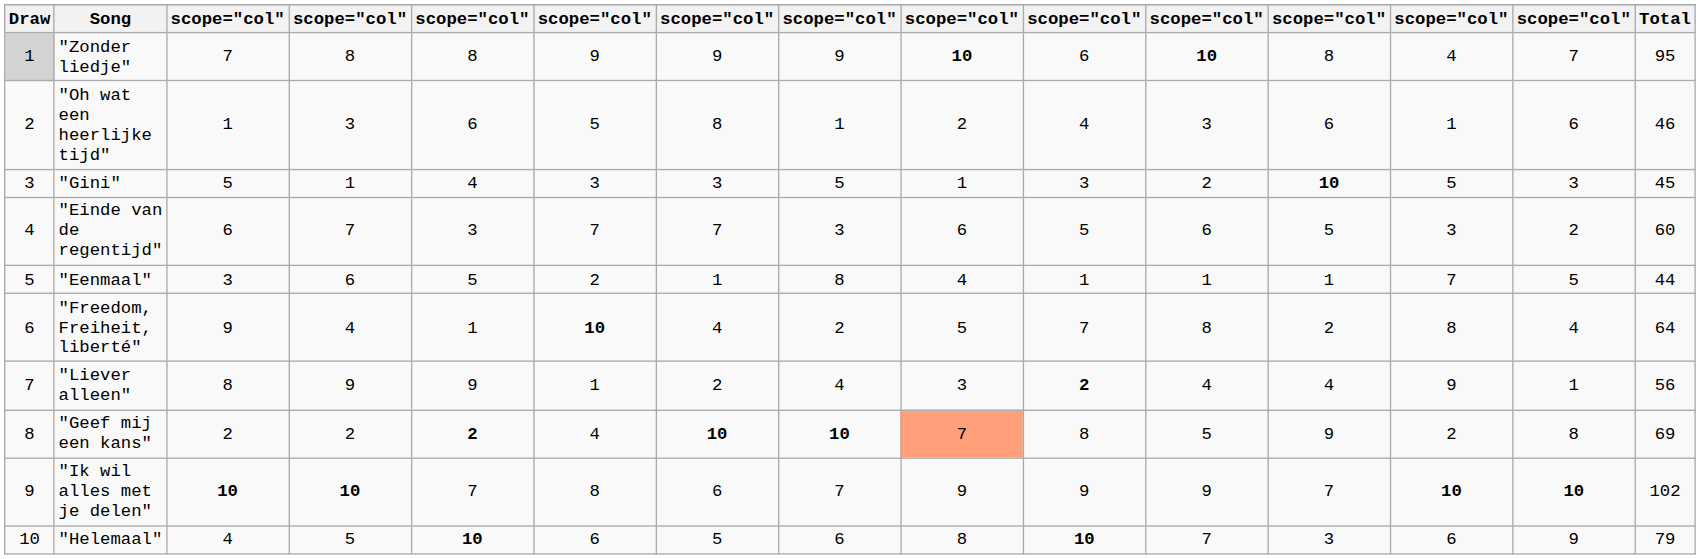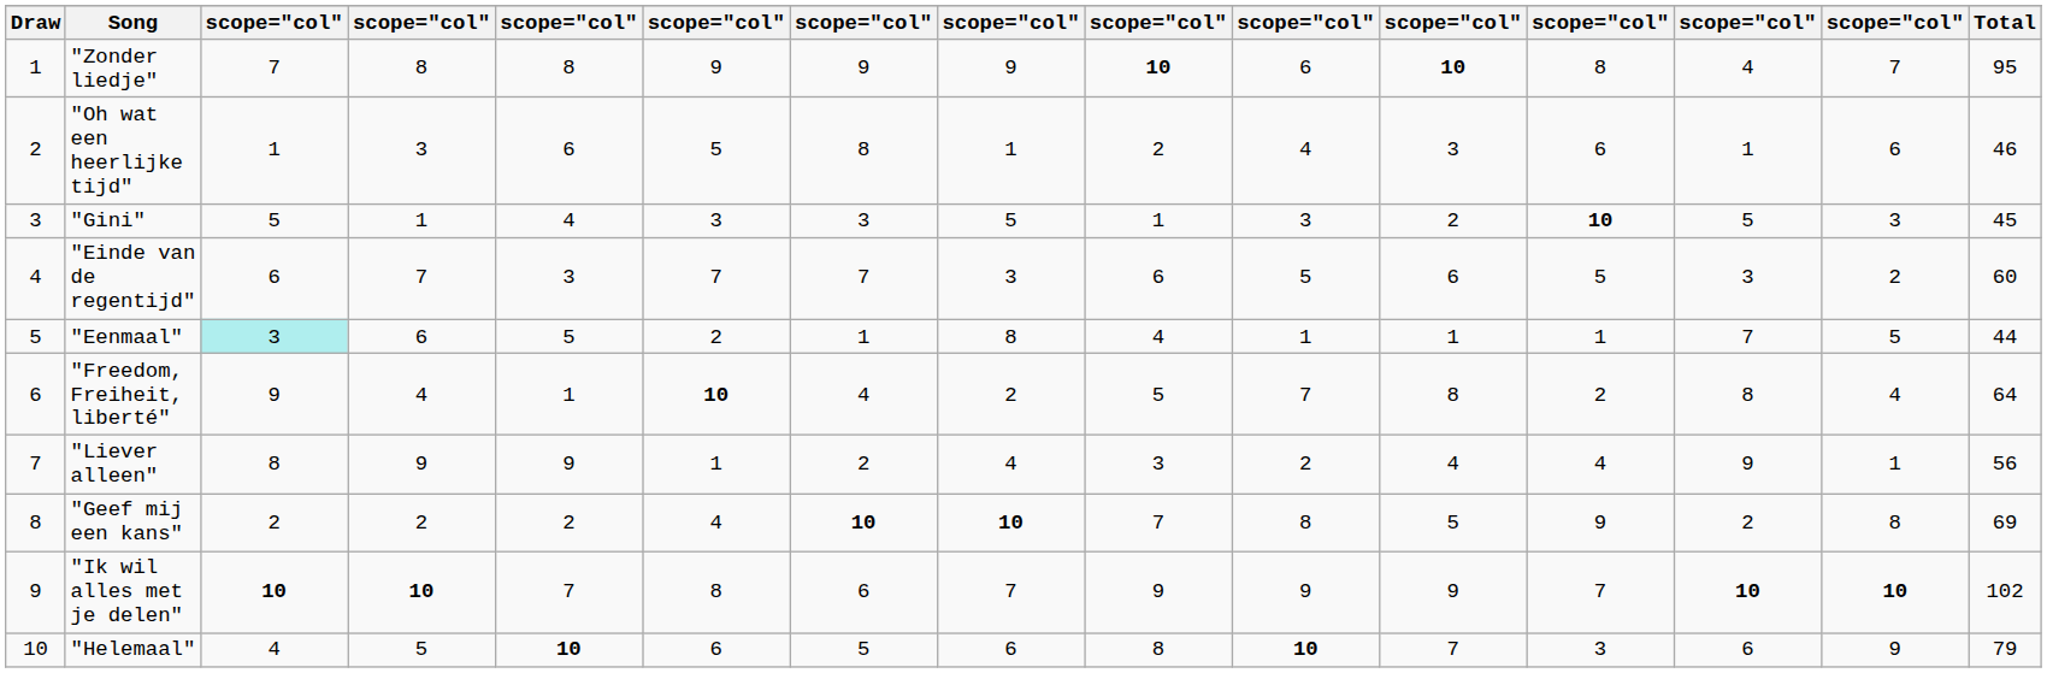 <table class="wikitable plainrowheaders" style="margin: 1em auto 1em auto; text-align:center;">
 <tr>
 </tr>
 <tr>
 <th scope="col">Draw</th>
 <th scope="col">Song</th>
 <th>scope="col" </th>
 <th>scope="col" </th>
 <th>scope="col" </th>
 <th>scope="col" </th>
 <th>scope="col" </th>
 <th>scope="col" </th>
 <th>scope="col" </th>
 <th>scope="col" </th>
 <th>scope="col" </th>
 <th>scope="col" </th>
 <th>scope="col" </th>
 <th>scope="col" </th>
 <th scope="col">Total</th>
 </tr>
 <tr --->
-<td style="background: lightgrey;">1</td>
+<td>1</td>
 <td align="left">"Zonder liedje"</td>
 <td>7</td>
 <td>8</td>
 <td>8</td>
 <td>9</td>
 <td>9</td>
 <td>9</td>
 <td><strong>10</strong></td>
 <td>6</td>
 <td><strong>10</strong></td>
 <td>8</td>
 <td>4</td>
 <td>7</td>
 <td>95</td>
 </tr>
 <tr --->
 <td>2</td>
 <td align="left">"Oh wat een heerlijke tijd"</td>
 <td>1</td>
 <td>3</td>
 <td>6</td>
 <td>5</td>
 <td>8</td>
 <td>1</td>
 <td>2</td>
 <td>4</td>
 <td>3</td>
 <td>6</td>
 <td>1</td>
 <td>6</td>
 <td>46</td>
 </tr>
 <tr --->
 <td>3</td>
 <td align="left">"Gini"</td>
 <td>5</td>
 <td>1</td>
 <td>4</td>
 <td>3</td>
 <td>3</td>
 <td>5</td>
 <td>1</td>
 <td>3</td>
 <td>2</td>
 <td><strong>10</strong></td>
 <td>5</td>
 <td>3</td>
 <td>45</td>
 </tr>
 <tr --->
 <td>4</td>
 <td align="left">"Einde van de regentijd"</td>
 <td>6</td>
 <td>7</td>
 <td>3</td>
 <td>7</td>
 <td>7</td>
 <td>3</td>
 <td>6</td>
 <td>5</td>
 <td>6</td>
 <td>5</td>
 <td>3</td>
 <td>2</td>
 <td>60</td>
 </tr>
 <tr --->
 <td>5</td>
 <td align="left">"Eenmaal"</td>
-<td>3</td>
+<td style="background: paleturquoise;">3</td>
 <td>6</td>
 <td>5</td>
 <td>2</td>
 <td>1</td>
 <td>8</td>
 <td>4</td>
 <td>1</td>
 <td>1</td>
 <td>1</td>
 <td>7</td>
 <td>5</td>
 <td>44</td>
 </tr>
 <tr --->
 <td>6</td>
 <td align="left">"Freedom, Freiheit, liberté"</td>
 <td>9</td>
 <td>4</td>
 <td>1</td>
 <td><strong>10</strong></td>
 <td>4</td>
 <td>2</td>
 <td>5</td>
 <td>7</td>
 <td>8</td>
 <td>2</td>
 <td>8</td>
 <td>4</td>
 <td>64</td>
 </tr>
 <tr --->
 <td>7</td>
 <td align="left">"Liever alleen"</td>
 <td>8</td>
 <td>9</td>
 <td>9</td>
 <td>1</td>
 <td>2</td>
 <td>4</td>
 <td>3</td>
-<td><strong>2</strong></td>
+<td>2</td>
 <td>4</td>
 <td>4</td>
 <td>9</td>
 <td>1</td>
 <td>56</td>
 </tr>
 <tr --->
 <td>8</td>
 <td align="left">"Geef mij een kans"</td>
 <td>2</td>
 <td>2</td>
-<td><strong>2</strong></td>
+<td>2</td>
 <td>4</td>
 <td><strong>10</strong></td>
 <td><strong>10</strong></td>
-<td style="background: lightsalmon;">7</td>
+<td>7</td>
 <td>8</td>
 <td>5</td>
 <td>9</td>
 <td>2</td>
 <td>8</td>
 <td>69</td>
 </tr>
 <tr --->
 <td>9</td>
 <td align="left">"Ik wil alles met je delen"</td>
 <td><strong>10</strong></td>
 <td><strong>10</strong></td>
 <td>7</td>
 <td>8</td>
 <td>6</td>
 <td>7</td>
 <td>9</td>
 <td>9</td>
 <td>9</td>
 <td>7</td>
 <td><strong>10</strong></td>
 <td><strong>10</strong></td>
 <td>102</td>
 </tr>
 <tr --->
 <td>10</td>
 <td align="left">"Helemaal"</td>
 <td>4</td>
 <td>5</td>
 <td><strong>10</strong></td>
 <td>6</td>
 <td>5</td>
 <td>6</td>
 <td>8</td>
 <td><strong>10</strong></td>
 <td>7</td>
 <td>3</td>
 <td>6</td>
 <td>9</td>
 <td>79</td>
 </tr>
 </table>
